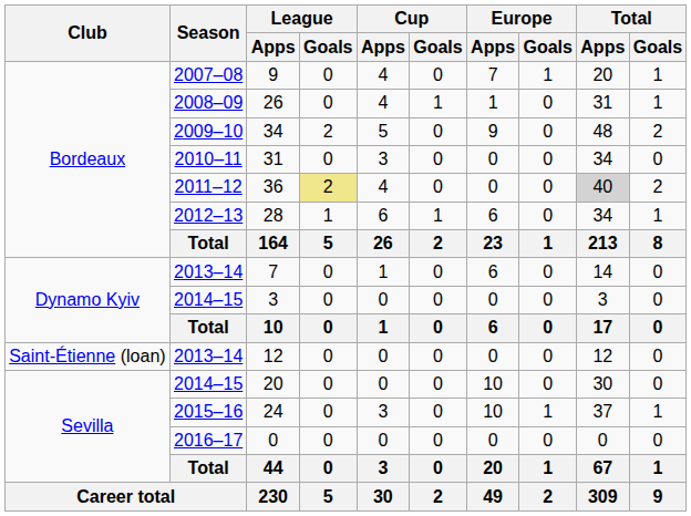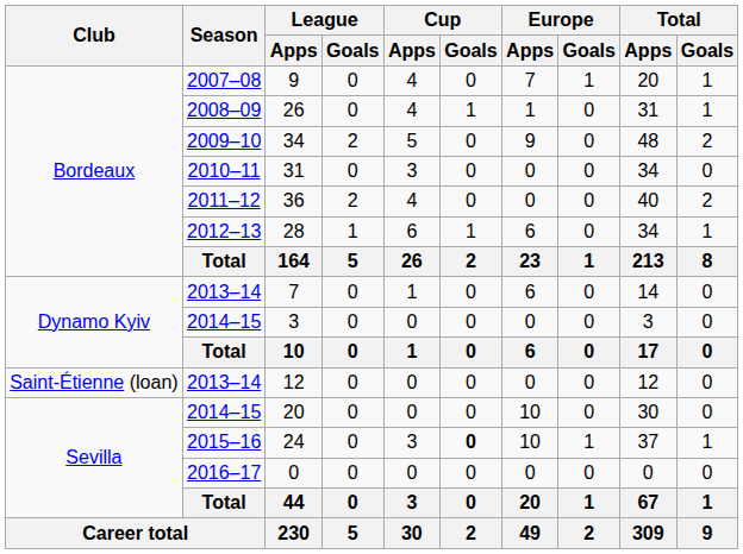 <table class="wikitable" style="text-align:center">
 <tr>
 <th rowspan="2">Club</th>
 <th rowspan="2">Season</th>
 <th colspan="2">League</th>
 <th colspan="2">Cup</th>
 <th colspan="2">Europe</th>
 <th colspan="2">Total</th>
 </tr>
 <tr>
 <th>Apps</th>
 <th>Goals</th>
 <th>Apps</th>
 <th>Goals</th>
 <th>Apps</th>
 <th>Goals</th>
 <th>Apps</th>
 <th>Goals</th>
 </tr>
 <tr>
 <td rowspan="7"><a href='#'>Bordeaux</a></td>
 <td><a href='#'>2007–08</a></td>
 <td>9</td>
 <td>0</td>
 <td>4</td>
 <td>0</td>
 <td>7</td>
 <td>1</td>
 <td>20</td>
 <td>1</td>
 </tr>
 <tr>
 <td><a href='#'>2008–09</a></td>
 <td>26</td>
 <td>0</td>
 <td>4</td>
 <td>1</td>
 <td>1</td>
 <td>0</td>
 <td>31</td>
 <td>1</td>
 </tr>
 <tr>
 <td><a href='#'>2009–10</a></td>
 <td>34</td>
 <td>2</td>
 <td>5</td>
 <td>0</td>
 <td>9</td>
 <td>0</td>
 <td>48</td>
 <td>2</td>
 </tr>
 <tr>
 <td><a href='#'>2010–11</a></td>
 <td>31</td>
 <td>0</td>
 <td>3</td>
 <td>0</td>
 <td>0</td>
 <td>0</td>
 <td>34</td>
 <td>0</td>
 </tr>
 <tr>
 <td><a href='#'>2011–12</a></td>
 <td>36</td>
-<td style="background: khaki;">2</td>
+<td>2</td>
 <td>4</td>
 <td>0</td>
 <td>0</td>
 <td>0</td>
-<td style="background: lightgrey;">40</td>
+<td>40</td>
 <td>2</td>
 </tr>
 <tr>
 <td><a href='#'>2012–13</a></td>
 <td>28</td>
 <td>1</td>
 <td>6</td>
 <td>1</td>
 <td>6</td>
 <td>0</td>
 <td>34</td>
 <td>1</td>
 </tr>
 <tr>
 <th>Total</th>
 <th>164</th>
 <th>5</th>
 <th>26</th>
 <th>2</th>
 <th>23</th>
 <th>1</th>
 <th>213</th>
 <th>8</th>
 </tr>
 <tr>
 <td rowspan="3"><a href='#'>Dynamo Kyiv</a></td>
 <td><a href='#'>2013–14</a></td>
 <td>7</td>
 <td>0</td>
 <td>1</td>
 <td>0</td>
 <td>6</td>
 <td>0</td>
 <td>14</td>
 <td>0</td>
 </tr>
 <tr>
 <td><a href='#'>2014–15</a></td>
 <td>3</td>
 <td>0</td>
 <td>0</td>
 <td>0</td>
 <td>0</td>
 <td>0</td>
 <td>3</td>
 <td>0</td>
 </tr>
 <tr>
 <th>Total</th>
 <th>10</th>
 <th>0</th>
 <th>1</th>
 <th>0</th>
 <th>6</th>
 <th>0</th>
 <th>17</th>
 <th>0</th>
 </tr>
 <tr>
 <td><a href='#'>Saint-Étienne</a> (loan)</td>
 <td><a href='#'>2013–14</a></td>
 <td>12</td>
 <td>0</td>
 <td>0</td>
 <td>0</td>
 <td>0</td>
 <td>0</td>
 <td>12</td>
 <td>0</td>
 </tr>
 <tr>
 <td rowspan="4"><a href='#'>Sevilla</a></td>
 <td><a href='#'>2014–15</a></td>
 <td>20</td>
 <td>0</td>
 <td>0</td>
 <td>0</td>
 <td>10</td>
 <td>0</td>
 <td>30</td>
 <td>0</td>
 </tr>
 <tr>
 <td><a href='#'>2015–16</a></td>
 <td>24</td>
 <td>0</td>
 <td>3</td>
-<td>0</td>
+<td><strong>0</strong></td>
 <td>10</td>
 <td>1</td>
 <td>37</td>
 <td>1</td>
 </tr>
 <tr>
 <td><a href='#'>2016–17</a></td>
 <td>0</td>
 <td>0</td>
 <td>0</td>
 <td>0</td>
 <td>0</td>
 <td>0</td>
 <td>0</td>
 <td>0</td>
 </tr>
 <tr>
 <th>Total</th>
 <th>44</th>
 <th>0</th>
 <th>3</th>
 <th>0</th>
 <th>20</th>
 <th>1</th>
 <th>67</th>
 <th>1</th>
 </tr>
 <tr>
 <th colspan="2">Career total</th>
 <th>230</th>
 <th>5</th>
 <th>30</th>
 <th>2</th>
 <th>49</th>
 <th>2</th>
 <th>309</th>
 <th>9</th>
 </tr>
 </table>
